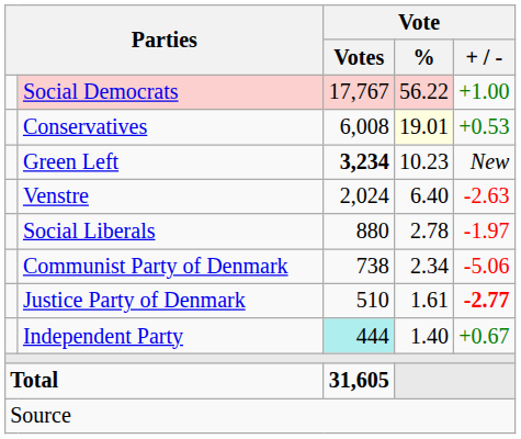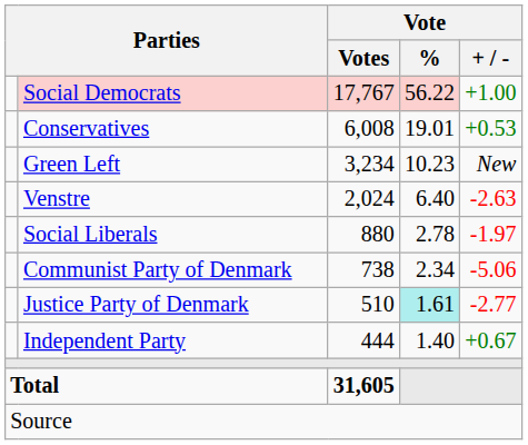 <table class="wikitable" style="text-align:right;">
 <tr>
 <th style="text-align:centre;" rowspan="2" colspan="2" width="225">Parties</th>
 <th colspan="3">Vote</th>
 </tr>
 <tr>
 <th width="15">Votes</th>
 <th width="15">%</th>
 <th width="15">+ / -</th>
 </tr>
 <tr>
 <td width="2" style="color:inherit;background:"></td>
 <td bgcolor=#fbd0ce  align="left"><a href='#'>Social Democrats</a></td>
 <td bgcolor=#fbd0ce>17,767</td>
 <td bgcolor=#fbd0ce>56.22</td>
 <td style=color:green;>+1.00</td>
 </tr>
 <tr>
 <td width="2" style="color:inherit;background:"></td>
 <td align="left"><a href='#'>Conservatives</a></td>
 <td>6,008</td>
-<td style="background: lightyellow;">19.01</td>
+<td>19.01</td>
 <td style=color:green;>+0.53</td>
 </tr>
 <tr>
 <td width="2" style="color:inherit;background:"></td>
 <td align="left"><a href='#'>Green Left</a></td>
-<td><strong>3,234</strong></td>
+<td>3,234</td>
 <td>10.23</td>
 <td><em>New</em></td>
 </tr>
 <tr>
 <td width="2" style="color:inherit;background:"></td>
 <td align="left"><a href='#'>Venstre</a></td>
 <td>2,024</td>
 <td>6.40</td>
 <td style=color:red;>-2.63</td>
 </tr>
 <tr>
 <td width="2" style="color:inherit;background:"></td>
 <td align="left"><a href='#'>Social Liberals</a></td>
 <td>880</td>
 <td>2.78</td>
 <td style=color:red;>-1.97</td>
 </tr>
 <tr>
 <td width="2" style="color:inherit;background:"></td>
 <td align="left"><a href='#'>Communist Party of Denmark</a></td>
 <td>738</td>
 <td>2.34</td>
 <td style=color:red;>-5.06</td>
 </tr>
 <tr>
 <td width="2" style="color:inherit;background:"></td>
 <td align="left"><a href='#'>Justice Party of Denmark</a></td>
 <td>510</td>
-<td>1.61</td>
-<td style=color:red;><strong>-2.77</strong></td>
+<td style="background: paleturquoise;">1.61</td>
+<td style=color:red;>-2.77</td>
 </tr>
 <tr>
 <td width="2" style="color:inherit;background:"></td>
 <td align="left"><a href='#'>Independent Party</a></td>
-<td style="background: paleturquoise;">444</td>
+<td>444</td>
 <td>1.40</td>
 <td style=color:green;>+0.67</td>
 </tr>
 <tr>
 <td colspan="7" bgcolor="#E9E9E9"></td>
 </tr>
 <tr>
 <td align="left" colspan="2"><strong>Total</strong></td>
 <td><strong>31,605</strong></td>
 <td bgcolor="#E9E9E9" colspan="2"></td>
 </tr>
 <tr>
 <td align="left" colspan="6">Source</td>
 </tr>
 </table>
